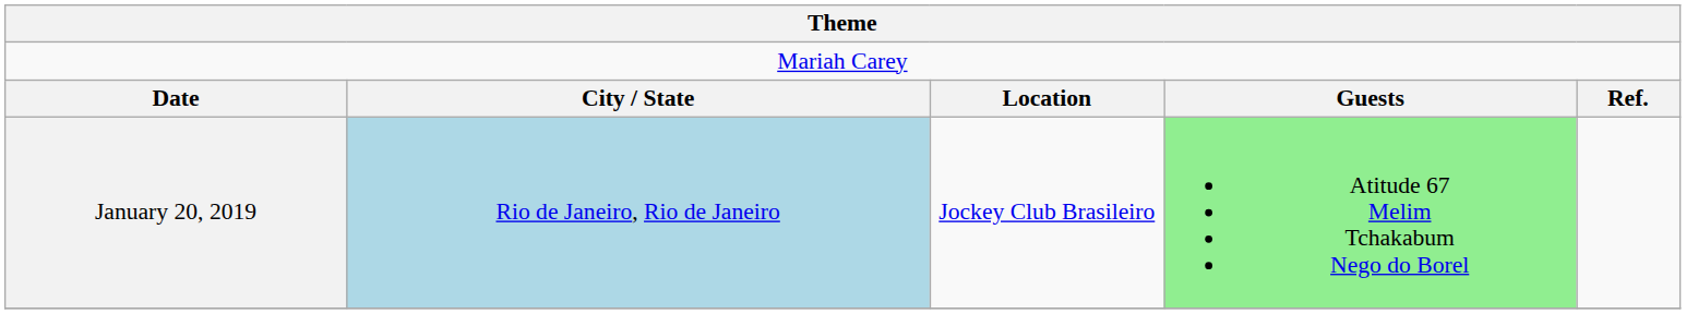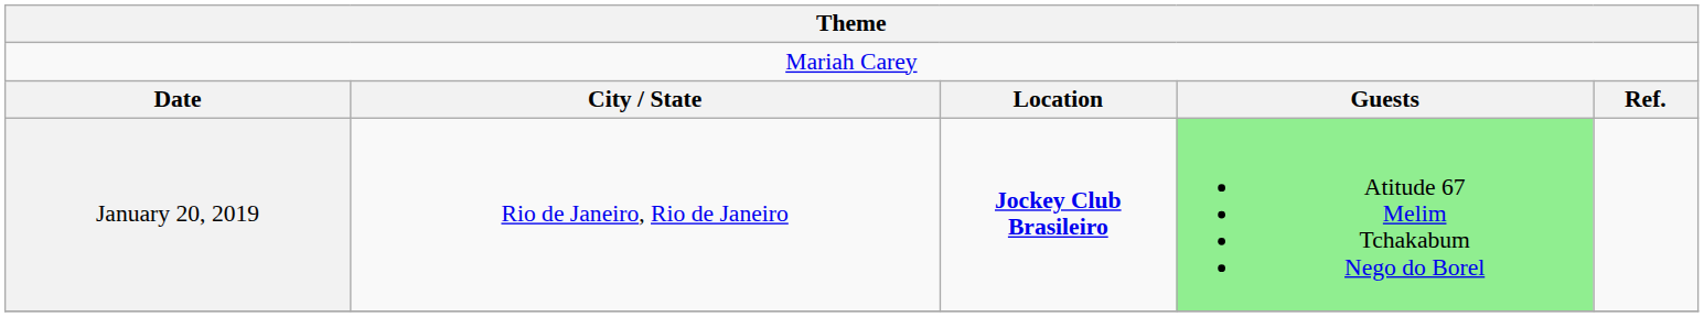 <table class="wikitable plainrowheaders" style="text-align:center;" width="90%">
 <tr>
 <th colspan="5">Theme</th>
 </tr>
 <tr>
 <td colspan="5"><a href='#'>Mariah Carey</a></td>
 </tr>
 <tr>
 <th scope="col">Date</th>
 <th scope="col">City / State</th>
 <th scope="col" width="14%">Location</th>
 <th scope="col">Guests</th>
 <th>Ref.</th>
 </tr>
 <tr>
 <td scope="row" style="background-color: #f2f2f2;">January 20, 2019</td>
-<td style="background: lightblue;"><a href='#'>Rio de Janeiro</a>, <a href='#'>Rio de Janeiro</a></td>
-<td><a href='#'>Jockey Club Brasileiro</a></td>
+<td><a href='#'>Rio de Janeiro</a>, <a href='#'>Rio de Janeiro</a></td>
+<td><strong><a href='#'>Jockey Club Brasileiro</a></strong></td>
 <td style="background: lightgreen;"><br><ul><li>Atitude 67</li><li><a href='#'>Melim</a></li><li>Tchakabum</li><li><a href='#'>Nego do Borel</a></li></ul></td>
 <td></td>
 </tr>
 <tr>
 </tr>
 </table>
